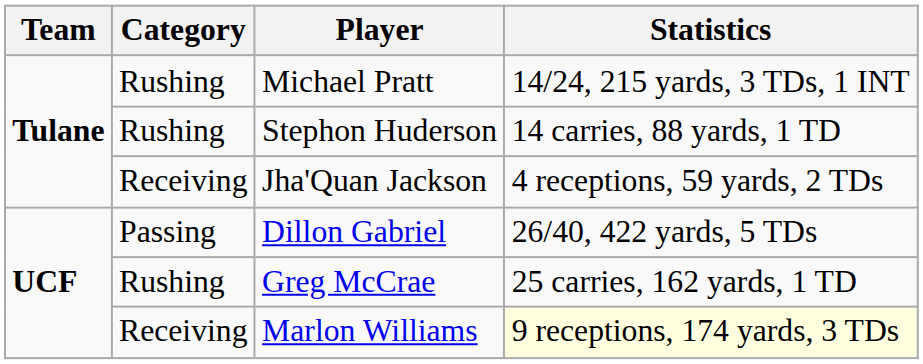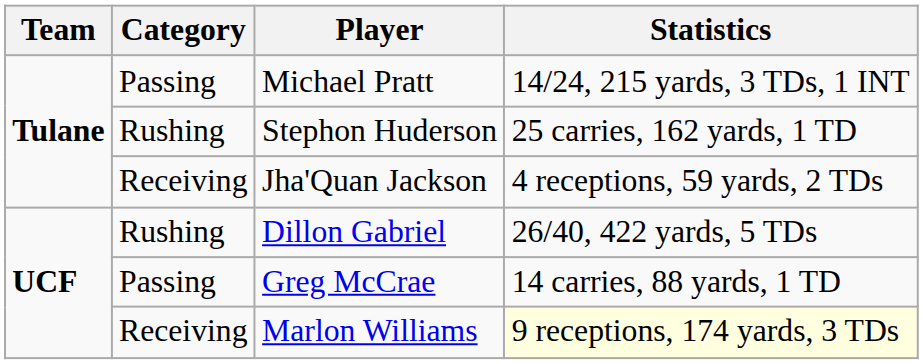 <table class="wikitable" style="float: left;">
 <tr>
 <th>Team</th>
 <th>Category</th>
 <th>Player</th>
 <th>Statistics</th>
 </tr>
 <tr>
 <td rowspan=3><strong>Tulane</strong></td>
-<td>Rushing</td>
+<td>Passing</td>
 <td>Michael Pratt</td>
 <td>14/24, 215 yards, 3 TDs, 1 INT</td>
 </tr>
 <tr>
 <td>Rushing</td>
 <td>Stephon Huderson</td>
-<td>14 carries, 88 yards, 1 TD</td>
+<td>25 carries, 162 yards, 1 TD</td>
 </tr>
 <tr>
 <td>Receiving</td>
 <td>Jha'Quan Jackson</td>
 <td>4 receptions, 59 yards, 2 TDs</td>
 </tr>
 <tr>
 <td rowspan=3><strong>UCF</strong></td>
-<td>Passing</td>
+<td>Rushing</td>
 <td><a href='#'>Dillon Gabriel</a></td>
 <td>26/40, 422 yards, 5 TDs</td>
 </tr>
 <tr>
-<td>Rushing</td>
+<td>Passing</td>
 <td><a href='#'>Greg McCrae</a></td>
-<td>25 carries, 162 yards, 1 TD</td>
+<td>14 carries, 88 yards, 1 TD</td>
 </tr>
 <tr>
 <td>Receiving</td>
 <td><a href='#'>Marlon Williams</a></td>
 <td style="background: lightyellow;">9 receptions, 174 yards, 3 TDs</td>
 </tr>
 </table>
